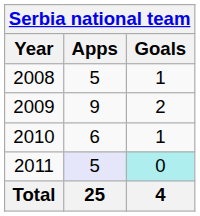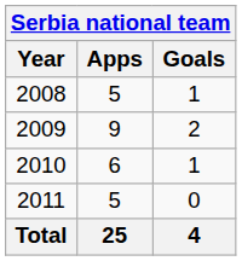 <table class="wikitable" style="text-align:center">
 <tr>
 <th colspan=3><a href='#'>Serbia national team</a></th>
 </tr>
 <tr>
 <th>Year</th>
 <th>Apps</th>
 <th>Goals</th>
 </tr>
 <tr>
 <td>2008</td>
 <td>5</td>
 <td>1</td>
 </tr>
 <tr>
 <td>2009</td>
 <td>9</td>
 <td>2</td>
 </tr>
 <tr>
 <td>2010</td>
 <td>6</td>
 <td>1</td>
 </tr>
 <tr>
 <td>2011</td>
-<td style="background: lavender;">5</td>
-<td style="background: paleturquoise;">0</td>
+<td>5</td>
+<td>0</td>
 </tr>
 <tr>
 <th>Total</th>
 <th>25</th>
 <th>4</th>
 </tr>
 </table>
